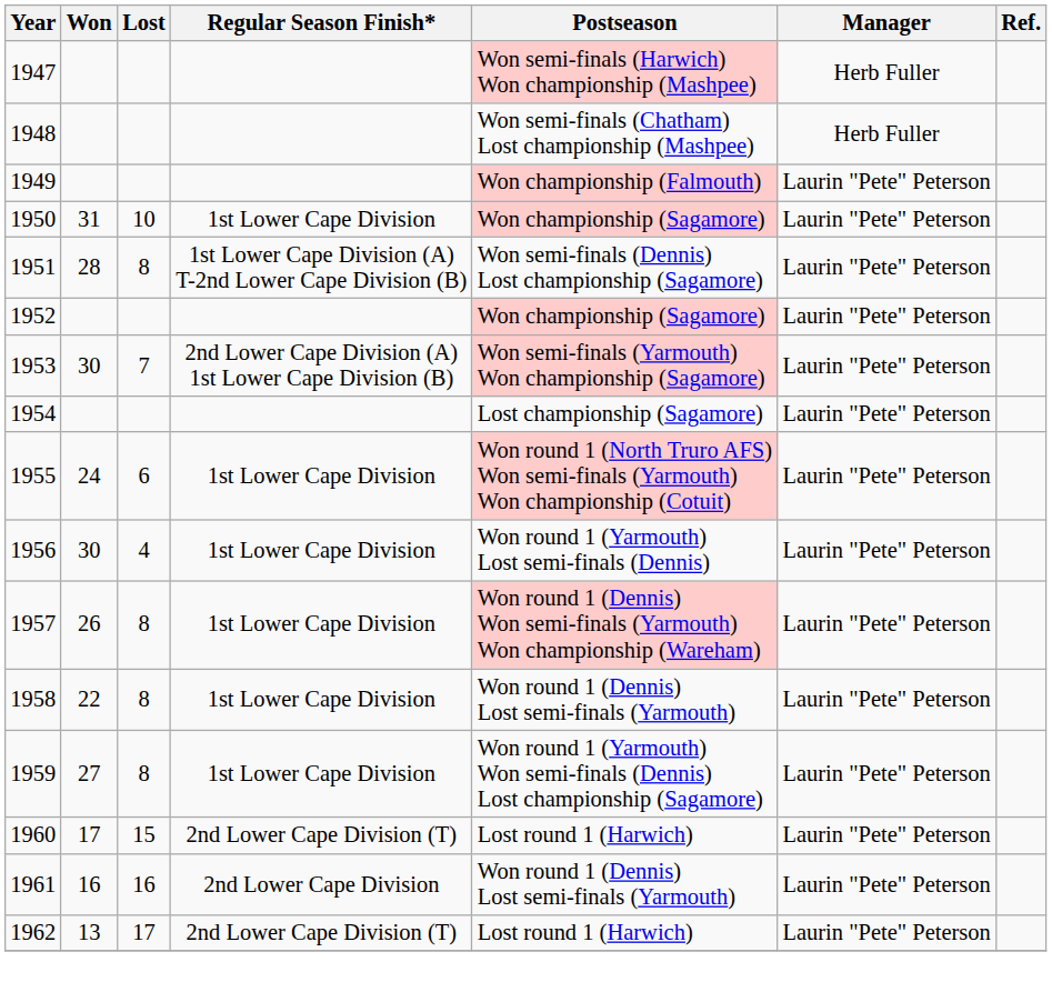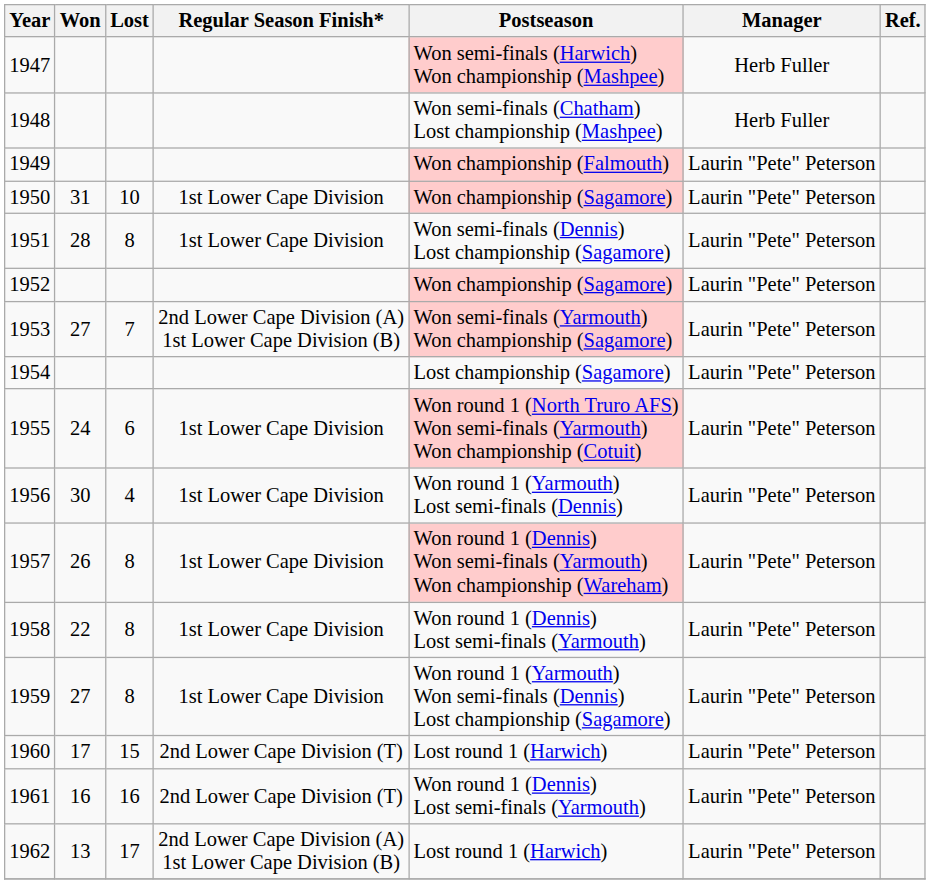 <table class="wikitable" style="text-align:center">
 <tr>
 <th scope="col">Year</th>
 <th scope="col">Won</th>
 <th scope="col">Lost</th>
 <th scope="col">Regular Season Finish*</th>
 <th scope="col">Postseason</th>
 <th scope="col">Manager</th>
 <th scope="col">Ref.</th>
 </tr>
 <tr>
 <td>1947</td>
 <td></td>
 <td></td>
 <td></td>
 <td style="text-align:left" bgcolor=#ffcccc>Won semi-finals (<a href='#'>Harwich</a>)<br>Won championship (<a href='#'>Mashpee</a>)</td>
 <td>Herb Fuller</td>
 <td></td>
 </tr>
 <tr>
 <td>1948</td>
 <td></td>
 <td></td>
 <td></td>
 <td style="text-align:left">Won semi-finals (<a href='#'>Chatham</a>)<br>Lost championship (<a href='#'>Mashpee</a>)</td>
 <td>Herb Fuller</td>
 <td></td>
 </tr>
 <tr>
 <td>1949</td>
 <td></td>
 <td></td>
 <td></td>
 <td style="text-align:left" bgcolor=#ffcccc>Won championship (<a href='#'>Falmouth</a>)</td>
 <td>Laurin "Pete" Peterson</td>
 <td></td>
 </tr>
 <tr>
 <td>1950</td>
 <td>31</td>
 <td>10</td>
 <td>1st Lower Cape Division</td>
 <td style="text-align:left" bgcolor=#ffcccc>Won championship (<a href='#'>Sagamore</a>)</td>
 <td>Laurin "Pete" Peterson</td>
 <td></td>
 </tr>
 <tr>
 <td>1951</td>
 <td>28</td>
 <td>8</td>
-<td>1st Lower Cape Division (A)<br>T-2nd Lower Cape Division (B)</td>
+<td>1st Lower Cape Division</td>
 <td style="text-align:left">Won semi-finals (<a href='#'>Dennis</a>)<br>Lost championship (<a href='#'>Sagamore</a>)</td>
 <td>Laurin "Pete" Peterson</td>
 <td></td>
 </tr>
 <tr>
 <td>1952</td>
 <td></td>
 <td></td>
 <td></td>
 <td style="text-align:left" bgcolor=#ffcccc>Won championship (<a href='#'>Sagamore</a>)</td>
 <td>Laurin "Pete" Peterson</td>
 <td></td>
 </tr>
 <tr>
 <td>1953</td>
-<td>30</td>
+<td>27</td>
 <td>7</td>
 <td>2nd Lower Cape Division (A)<br>1st Lower Cape Division (B)</td>
 <td style="text-align:left" bgcolor=#ffcccc>Won semi-finals (<a href='#'>Yarmouth</a>)<br>Won championship (<a href='#'>Sagamore</a>)</td>
 <td>Laurin "Pete" Peterson</td>
 <td></td>
 </tr>
 <tr>
 <td>1954</td>
 <td></td>
 <td></td>
 <td></td>
 <td style="text-align:left">Lost championship (<a href='#'>Sagamore</a>)</td>
 <td>Laurin "Pete" Peterson</td>
 <td></td>
 </tr>
 <tr>
 <td>1955</td>
 <td>24</td>
 <td>6</td>
 <td>1st Lower Cape Division</td>
 <td style="text-align:left" bgcolor=#ffcccc>Won round 1 (<a href='#'>North Truro AFS</a>)<br>Won semi-finals (<a href='#'>Yarmouth</a>)<br>Won championship (<a href='#'>Cotuit</a>)</td>
 <td>Laurin "Pete" Peterson</td>
 <td></td>
 </tr>
 <tr>
 <td>1956</td>
 <td>30</td>
 <td>4</td>
 <td>1st Lower Cape Division</td>
 <td style="text-align:left">Won round 1 (<a href='#'>Yarmouth</a>)<br>Lost semi-finals (<a href='#'>Dennis</a>)</td>
 <td>Laurin "Pete" Peterson</td>
 <td></td>
 </tr>
 <tr>
 <td>1957</td>
 <td>26</td>
 <td>8</td>
 <td>1st Lower Cape Division</td>
 <td style="text-align:left" bgcolor=#ffcccc>Won round 1 (<a href='#'>Dennis</a>)<br>Won semi-finals (<a href='#'>Yarmouth</a>)<br>Won championship (<a href='#'>Wareham</a>)</td>
 <td>Laurin "Pete" Peterson</td>
 <td></td>
 </tr>
 <tr>
 <td>1958</td>
 <td>22</td>
 <td>8</td>
 <td>1st Lower Cape Division</td>
 <td style="text-align:left">Won round 1 (<a href='#'>Dennis</a>)<br>Lost semi-finals (<a href='#'>Yarmouth</a>)</td>
 <td>Laurin "Pete" Peterson</td>
 <td></td>
 </tr>
 <tr>
 <td>1959</td>
 <td>27</td>
 <td>8</td>
 <td>1st Lower Cape Division</td>
 <td style="text-align:left">Won round 1 (<a href='#'>Yarmouth</a>)<br>Won semi-finals (<a href='#'>Dennis</a>)<br>Lost championship (<a href='#'>Sagamore</a>)</td>
 <td>Laurin "Pete" Peterson</td>
 <td></td>
 </tr>
 <tr>
 <td>1960</td>
 <td>17</td>
 <td>15</td>
 <td>2nd Lower Cape Division (T)</td>
 <td style="text-align:left">Lost round 1 (<a href='#'>Harwich</a>)</td>
 <td>Laurin "Pete" Peterson</td>
 <td></td>
 </tr>
 <tr>
 <td>1961</td>
 <td>16</td>
 <td>16</td>
-<td>2nd Lower Cape Division</td>
+<td>2nd Lower Cape Division (T)</td>
 <td style="text-align:left">Won round 1 (<a href='#'>Dennis</a>)<br>Lost semi-finals (<a href='#'>Yarmouth</a>)</td>
 <td>Laurin "Pete" Peterson</td>
 <td></td>
 </tr>
 <tr>
 <td>1962</td>
 <td>13</td>
 <td>17</td>
-<td>2nd Lower Cape Division (T)</td>
+<td>2nd Lower Cape Division (A)<br>1st Lower Cape Division (B)</td>
 <td style="text-align:left">Lost round 1 (<a href='#'>Harwich</a>)</td>
 <td>Laurin "Pete" Peterson</td>
 <td></td>
 </tr>
 <tr>
 </tr>
 </table>
